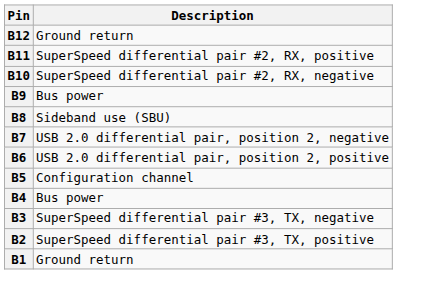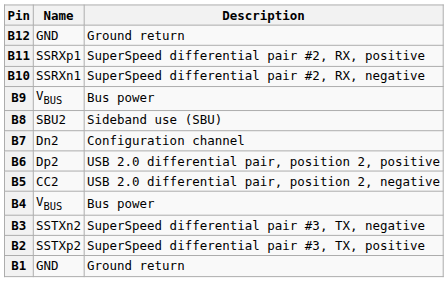 <table class="wikitable" style="display: inline-table;">
 <tr>
 <th scope="col">Pin</th>
+<th scope="col">Name</th>
 <th scope="col">Description</th>
 </tr>
 <tr>
 <th scope="row">B12</th>
+<td>GND</td>
 <td>Ground return</td>
 </tr>
 <tr>
 <th scope="row">B11</th>
+<td>SSRXp1</td>
 <td>SuperSpeed differential pair #2, RX, positive</td>
 </tr>
 <tr>
 <th scope="row">B10</th>
+<td>SSRXn1</td>
 <td>SuperSpeed differential pair #2, RX, negative</td>
 </tr>
 <tr>
 <th scope="row">B9</th>
+<td>V<sub>BUS</sub></td>
 <td>Bus power</td>
 </tr>
 <tr>
 <th scope="row">B8</th>
+<td>SBU2</td>
 <td>Sideband use (SBU)</td>
 </tr>
 <tr>
 <th scope="row">B7</th>
-<td>USB 2.0 differential pair, position 2, negative</td>
+<td>Dn2</td>
+<td>Configuration channel</td>
 </tr>
 <tr>
 <th scope="row">B6</th>
+<td>Dp2</td>
 <td>USB 2.0 differential pair, position 2, positive</td>
 </tr>
 <tr>
 <th scope="row">B5</th>
-<td>Configuration channel</td>
+<td>CC2</td>
+<td>USB 2.0 differential pair, position 2, negative</td>
 </tr>
 <tr>
 <th scope="row">B4</th>
+<td>V<sub>BUS</sub></td>
 <td>Bus power</td>
 </tr>
 <tr>
 <th scope="row">B3</th>
+<td>SSTXn2</td>
 <td>SuperSpeed differential pair #3, TX, negative</td>
 </tr>
 <tr>
 <th scope="row">B2</th>
+<td>SSTXp2</td>
 <td>SuperSpeed differential pair #3, TX, positive</td>
 </tr>
 <tr>
 <th scope="row">B1</th>
+<td>GND</td>
 <td>Ground return</td>
 </tr>
 </table>
